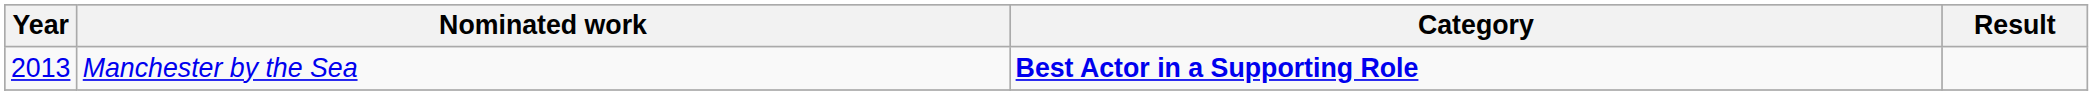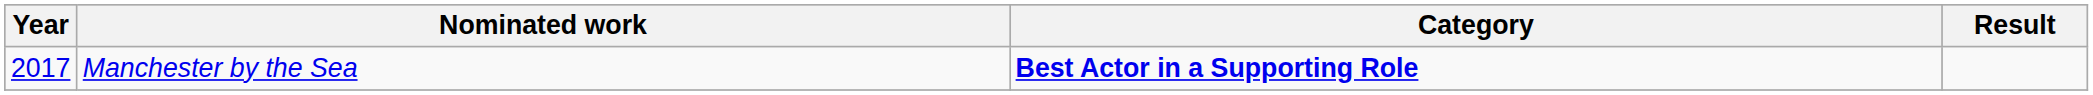 <table class="wikitable">
 <tr>
 <th scope="col" style="width:1em;">Year</th>
 <th scope="col" style="width:35em;">Nominated work</th>
 <th scope="col" style="width:35em;">Category</th>
 <th scope="col" style="width:5em;">Result</th>
 </tr>
 <tr>
-<td><a href='#'>2013</a></td>
+<td><a href='#'>2017</a></td>
 <td><em><a href='#'>Manchester by the Sea</a></em></td>
 <td><strong><a href='#'>Best Actor in a Supporting Role</a></strong></td>
 <td></td>
 </tr>
 </table>
